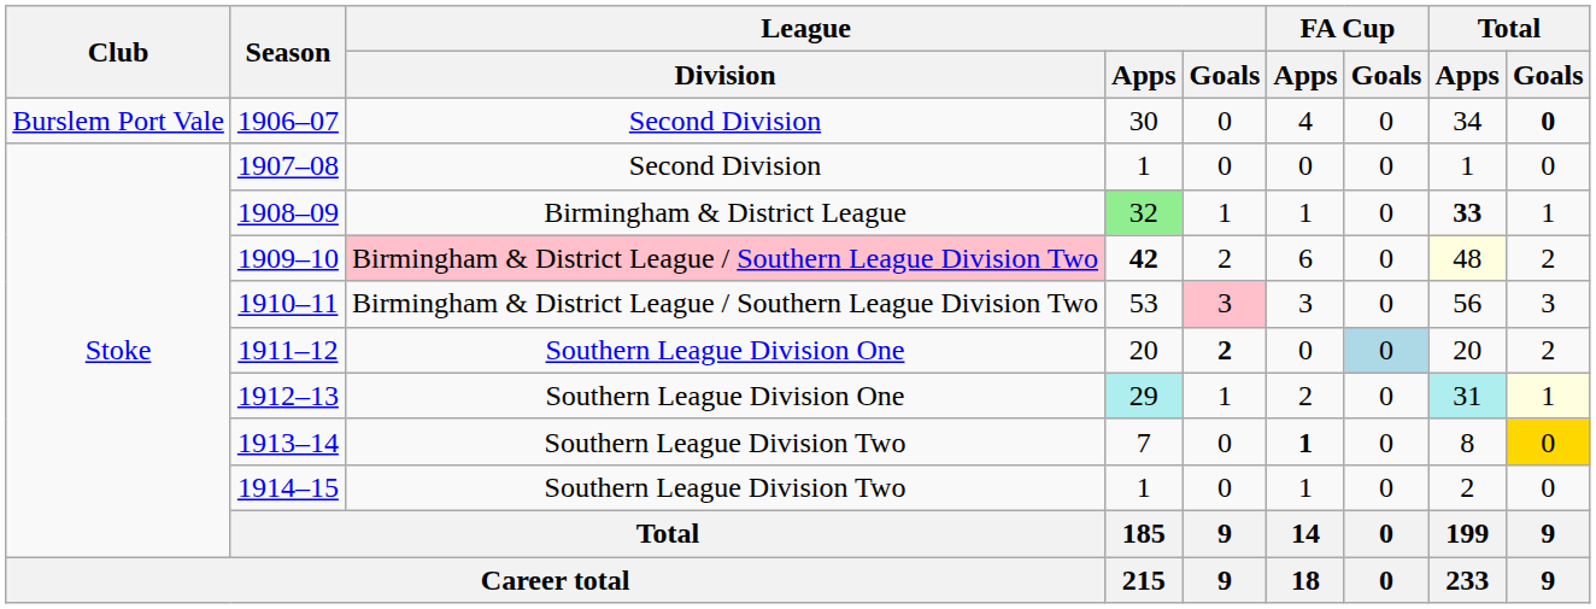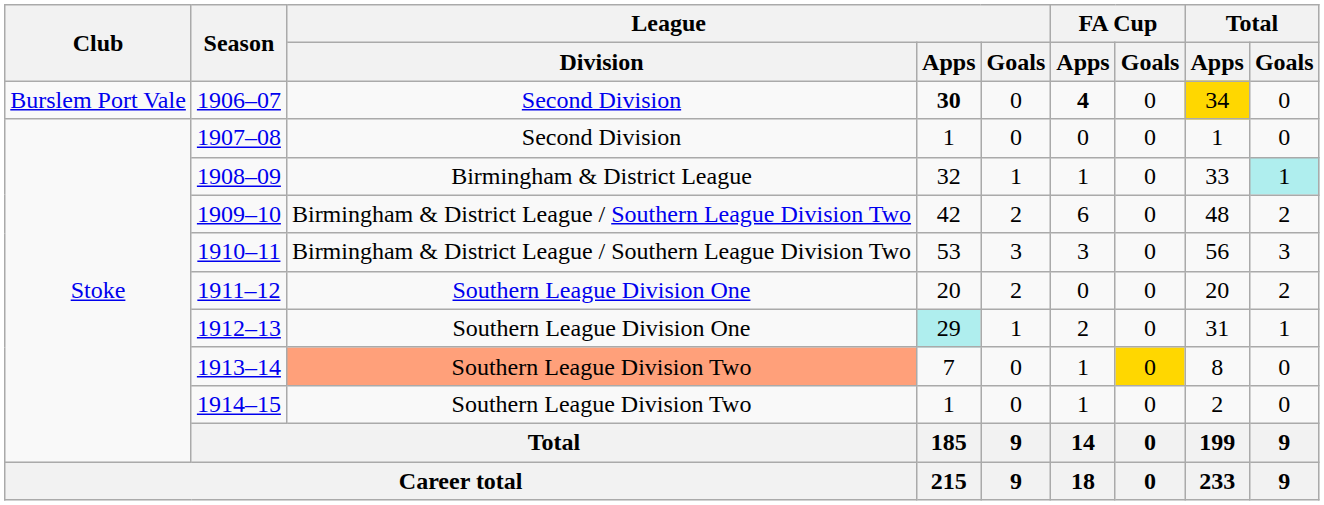 <table class="wikitable" style="text-align: center;">
 <tr>
 <th rowspan="2">Club</th>
 <th rowspan="2">Season</th>
 <th colspan="3">League</th>
 <th colspan="2">FA Cup</th>
 <th colspan="2">Total</th>
 </tr>
 <tr>
 <th>Division</th>
 <th>Apps</th>
 <th>Goals</th>
 <th>Apps</th>
 <th>Goals</th>
 <th>Apps</th>
 <th>Goals</th>
 </tr>
 <tr>
 <td><a href='#'>Burslem Port Vale</a></td>
 <td><a href='#'>1906–07</a></td>
 <td><a href='#'>Second Division</a></td>
-<td>30</td>
+<td><strong>30</strong></td>
 <td>0</td>
-<td>4</td>
+<td><strong>4</strong></td>
 <td>0</td>
-<td>34</td>
-<td><strong>0</strong></td>
+<td style="background: gold;">34</td>
+<td>0</td>
 </tr>
 <tr>
 <td rowspan="9"><a href='#'>Stoke</a></td>
 <td><a href='#'>1907–08</a></td>
 <td>Second Division</td>
 <td>1</td>
 <td>0</td>
 <td>0</td>
 <td>0</td>
 <td>1</td>
 <td>0</td>
 </tr>
 <tr>
 <td><a href='#'>1908–09</a></td>
 <td>Birmingham & District League</td>
-<td style="background: lightgreen;">32</td>
+<td>32</td>
 <td>1</td>
 <td>1</td>
 <td>0</td>
-<td><strong>33</strong></td>
-<td>1</td>
+<td>33</td>
+<td style="background: paleturquoise;">1</td>
 </tr>
 <tr>
 <td><a href='#'>1909–10</a></td>
-<td style="background: pink;">Birmingham & District League / <a href='#'>Southern League Division Two</a></td>
-<td><strong>42</strong></td>
+<td>Birmingham & District League / <a href='#'>Southern League Division Two</a></td>
+<td>42</td>
 <td>2</td>
 <td>6</td>
 <td>0</td>
-<td style="background: lightyellow;">48</td>
+<td>48</td>
 <td>2</td>
 </tr>
 <tr>
 <td><a href='#'>1910–11</a></td>
 <td>Birmingham & District League / Southern League Division Two</td>
 <td>53</td>
-<td style="background: pink;">3</td>
+<td>3</td>
 <td>3</td>
 <td>0</td>
 <td>56</td>
 <td>3</td>
 </tr>
 <tr>
 <td><a href='#'>1911–12</a></td>
 <td><a href='#'>Southern League Division One</a></td>
 <td>20</td>
-<td><strong>2</strong></td>
+<td>2</td>
 <td>0</td>
-<td style="background: lightblue;">0</td>
+<td>0</td>
 <td>20</td>
 <td>2</td>
 </tr>
 <tr>
 <td><a href='#'>1912–13</a></td>
 <td>Southern League Division One</td>
 <td style="background: paleturquoise;">29</td>
 <td>1</td>
 <td>2</td>
 <td>0</td>
-<td style="background: paleturquoise;">31</td>
-<td style="background: lightyellow;">1</td>
+<td>31</td>
+<td>1</td>
 </tr>
 <tr>
 <td><a href='#'>1913–14</a></td>
-<td>Southern League Division Two</td>
+<td style="background: lightsalmon;">Southern League Division Two</td>
 <td>7</td>
 <td>0</td>
-<td><strong>1</strong></td>
+<td>1</td>
+<td style="background: gold;">0</td>
+<td>8</td>
 <td>0</td>
-<td>8</td>
-<td style="background: gold;">0</td>
 </tr>
 <tr>
 <td><a href='#'>1914–15</a></td>
 <td>Southern League Division Two</td>
 <td>1</td>
 <td>0</td>
 <td>1</td>
 <td>0</td>
 <td>2</td>
 <td>0</td>
 </tr>
 <tr>
 <th colspan="2">Total</th>
 <th>185</th>
 <th>9</th>
 <th>14</th>
 <th>0</th>
 <th>199</th>
 <th>9</th>
 </tr>
 <tr>
 <th colspan="3">Career total</th>
 <th>215</th>
 <th>9</th>
 <th>18</th>
 <th>0</th>
 <th>233</th>
 <th>9</th>
 </tr>
 </table>
